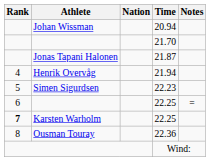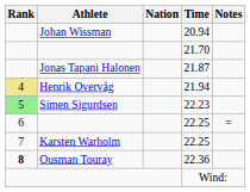 <table class="wikitable sortable" style="text-align:center;">
 <tr>
 <th scope="col" style="width: 10px;">Rank</th>
 <th scope="col">Athlete</th>
 <th scope="col">Nation</th>
 <th scope="col">Time</th>
 <th scope="col">Notes</th>
 </tr>
 <tr>
 <td></td>
 <td align=left><a href='#'>Johan Wissman</a></td>
 <td align=left></td>
 <td>20.94</td>
 <td></td>
 </tr>
 <tr>
 <td></td>
 <td align=left></td>
 <td align=left></td>
 <td>21.70</td>
 <td></td>
 </tr>
 <tr>
 <td></td>
 <td align=left><a href='#'>Jonas Tapani Halonen</a></td>
 <td align=left></td>
 <td>21.87</td>
 <td></td>
 </tr>
 <tr>
-<td>4</td>
+<td style="background: khaki;">4</td>
 <td align=left><a href='#'>Henrik Overvåg</a></td>
 <td align=left></td>
 <td>21.94</td>
 <td></td>
 </tr>
 <tr>
-<td>5</td>
+<td style="background: lightgreen;">5</td>
 <td align=left><a href='#'>Simen Sigurdsen</a></td>
 <td align=left></td>
 <td>22.23</td>
 <td></td>
 </tr>
 <tr>
 <td>6</td>
 <td align=left></td>
 <td align=left></td>
 <td>22.25</td>
 <td>=</td>
 </tr>
 <tr>
-<td><strong>7</strong></td>
+<td>7</td>
 <td align=left><a href='#'>Karsten Warholm</a></td>
 <td align=left></td>
 <td>22.25</td>
 <td></td>
 </tr>
 <tr>
-<td>8</td>
+<td><strong>8</strong></td>
 <td align=left><a href='#'>Ousman Touray</a></td>
 <td align=left></td>
 <td>22.36</td>
 <td></td>
 </tr>
 <tr class="sortbottom">
 <td colspan="3"></td>
 <td colspan="2">Wind: </td>
 </tr>
 </table>
